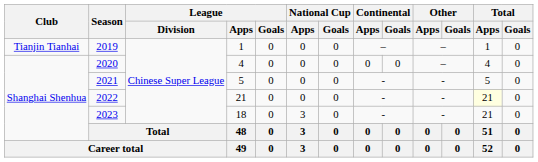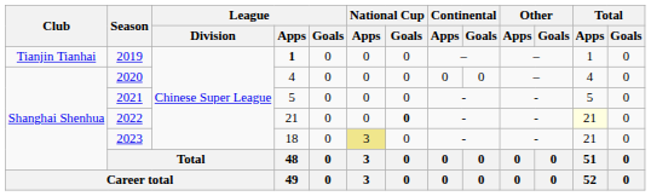 <table class="wikitable" style="text-align: center">
 <tr>
 <th rowspan="2">Club</th>
 <th rowspan="2">Season</th>
 <th colspan="3">League</th>
 <th colspan="2">National Cup</th>
 <th colspan="2">Continental</th>
 <th colspan="2">Other</th>
 <th colspan="2">Total</th>
 </tr>
 <tr>
 <th>Division</th>
 <th>Apps</th>
 <th>Goals</th>
 <th>Apps</th>
 <th>Goals</th>
 <th>Apps</th>
 <th>Goals</th>
 <th>Apps</th>
 <th>Goals</th>
 <th>Apps</th>
 <th>Goals</th>
 </tr>
 <tr>
 <td><a href='#'>Tianjin Tianhai</a></td>
 <td><a href='#'>2019</a></td>
 <td rowspan="5"><a href='#'>Chinese Super League</a></td>
-<td>1</td>
+<td><strong>1</strong></td>
 <td>0</td>
 <td>0</td>
 <td>0</td>
 <td colspan="2">–</td>
 <td colspan="2">–</td>
 <td>1</td>
 <td>0</td>
 </tr>
 <tr>
 <td rowspan=5><a href='#'>Shanghai Shenhua</a></td>
 <td><a href='#'>2020</a></td>
 <td>4</td>
 <td>0</td>
 <td>0</td>
 <td>0</td>
 <td>0</td>
 <td>0</td>
 <td colspan="2">–</td>
 <td>4</td>
 <td>0</td>
 </tr>
 <tr>
 <td><a href='#'>2021</a></td>
 <td>5</td>
 <td>0</td>
 <td>0</td>
 <td>0</td>
 <td colspan="2">-</td>
 <td colspan="2">-</td>
 <td>5</td>
 <td>0</td>
 </tr>
 <tr>
 <td><a href='#'>2022</a></td>
 <td>21</td>
 <td>0</td>
 <td>0</td>
-<td>0</td>
+<td><strong>0</strong></td>
 <td colspan="2">-</td>
 <td colspan="2">-</td>
 <td style="background: lightyellow;">21</td>
 <td>0</td>
 </tr>
 <tr>
 <td><a href='#'>2023</a></td>
 <td>18</td>
 <td>0</td>
-<td>3</td>
+<td style="background: khaki;">3</td>
 <td>0</td>
 <td colspan="2">-</td>
 <td colspan="2">-</td>
 <td>21</td>
 <td>0</td>
 </tr>
 <tr>
 <th colspan=2>Total</th>
 <th>48</th>
 <th>0</th>
 <th>3</th>
 <th>0</th>
 <th>0</th>
 <th>0</th>
 <th>0</th>
 <th>0</th>
 <th>51</th>
 <th>0</th>
 </tr>
 <tr>
 <th colspan=3>Career total</th>
 <th>49</th>
 <th>0</th>
 <th>3</th>
 <th>0</th>
 <th>0</th>
 <th>0</th>
 <th>0</th>
 <th>0</th>
 <th>52</th>
 <th>0</th>
 </tr>
 </table>
